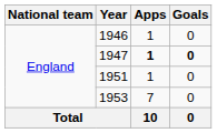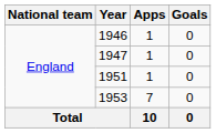 <table class=wikitable style=text-align:center>
 <tr>
 <th>National team</th>
 <th>Year</th>
 <th>Apps</th>
 <th>Goals</th>
 </tr>
 <tr>
 <td rowspan=4><a href='#'>England</a></td>
 <td>1946</td>
 <td>1</td>
 <td>0</td>
 </tr>
 <tr>
 <td>1947</td>
-<td><strong>1</strong></td>
-<td><strong>0</strong></td>
+<td>1</td>
+<td>0</td>
 </tr>
 <tr>
 <td>1951</td>
 <td>1</td>
 <td>0</td>
 </tr>
 <tr>
 <td>1953</td>
 <td>7</td>
 <td>0</td>
 </tr>
 <tr>
 <th colspan=2>Total</th>
 <th>10</th>
 <th>0</th>
 </tr>
 </table>
